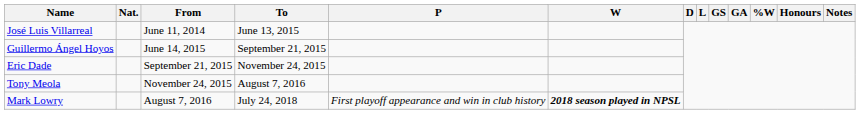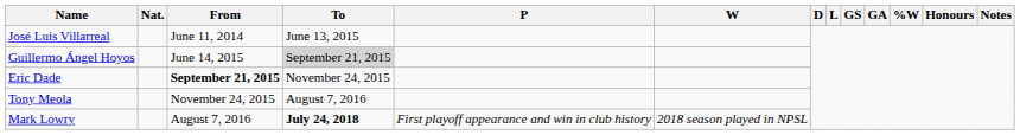 <table class="wikitable sortable" style="text-align: center">
 <tr>
 <th>Name</th>
 <th>Nat.</th>
 <th class="unsortable">From</th>
 <th class="unsortable">To</th>
 <th abbr="TOTAL OF MATCHES PLAYED">P</th>
 <th abbr="MATCHES WON">W</th>
 <th abbr="MATCHES DRAWN">D</th>
 <th abbr="MATCHES LOST">L</th>
 <th abbr="GOALS SCORED">GS</th>
 <th abbr="GOAL AGAINST">GA</th>
 <th abbr="PERCENTAGE OF MATCHES WON">%W</th>
 <th abbr="HONOURS">Honours</th>
 <th abbr="NOTES">Notes</th>
 </tr>
 <tr>
 <td align=left><a href='#'>José Luis Villarreal</a></td>
 <td align=left></td>
 <td align=left>June 11, 2014</td>
 <td align=left>June 13, 2015<br></td>
 <td></td>
 <td></td>
 </tr>
 <tr>
 <td align=left><a href='#'>Guillermo Ángel Hoyos</a></td>
 <td align=left></td>
 <td align=left>June 14, 2015</td>
-<td align=left>September 21, 2015<br></td>
+<td align=left style="background: lightgrey;">September 21, 2015<br></td>
 <td></td>
 <td></td>
 </tr>
 <tr>
 <td align=left><a href='#'>Eric Dade</a></td>
 <td align=left></td>
-<td align=left>September 21, 2015</td>
+<td align=left><strong>September 21, 2015</strong></td>
 <td align=left>November 24, 2015<br></td>
 <td></td>
 <td></td>
 </tr>
 <tr>
 <td align=left><a href='#'>Tony Meola</a></td>
 <td align=left></td>
 <td align=left>November 24, 2015</td>
 <td align=left>August 7, 2016<br></td>
 <td></td>
 <td></td>
 </tr>
 <tr>
 <td align=left><a href='#'>Mark Lowry</a></td>
 <td align=left></td>
 <td align=left>August 7, 2016</td>
-<td align=left>July 24, 2018<br></td>
+<td align=left><strong>July 24, 2018<br></strong></td>
 <td align=left><em>First playoff appearance and win in club history</em></td>
-<td align=left><strong><em>2018 season played in NPSL</em></strong></td>
+<td align=left><em>2018 season played in NPSL</em></td>
 </tr>
 </table>
